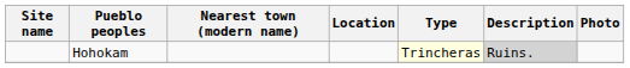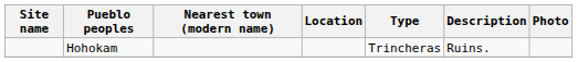 <table class="wikitable sortable" style="width:98%">
 <tr>
 <th>Site name</th>
 <th>Pueblo peoples</th>
 <th>Nearest town (modern name)</th>
 <th>Location</th>
 <th>Type</th>
 <th>Description</th>
 <th>Photo</th>
 </tr>
 <tr>
 <td></td>
 <td>Hohokam</td>
 <td></td>
 <td></td>
-<td style="background: lightyellow;">Trincheras</td>
-<td style="background: lightgrey;">Ruins.</td>
+<td>Trincheras</td>
+<td>Ruins.</td>
 <td></td>
 </tr>
 <tr>
 </tr>
 </table>
